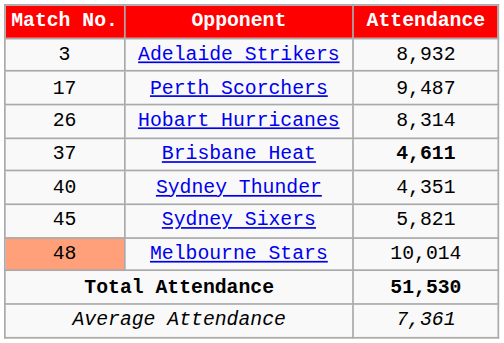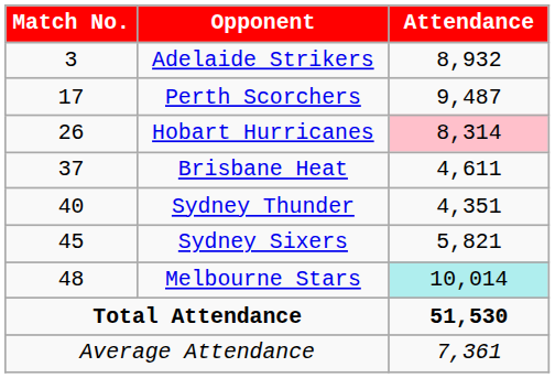 <table class="wikitable" style="text-align:center; font-size:90%">
 <tr>
 <th style="width:65px; background:red; color:white; text-align:center;">Match No.</th>
 <th style="width:130px; background:red; color:white; text-align:center;" class="unsortable">Opponent</th>
 <th style="width:80px; background:red; color:white; text-align:center;">Attendance</th>
 </tr>
 <tr>
 <td>3</td>
 <td><a href='#'>Adelaide Strikers</a></td>
 <td>8,932</td>
 </tr>
 <tr>
 <td>17</td>
 <td><a href='#'>Perth Scorchers</a></td>
 <td>9,487</td>
 </tr>
 <tr>
 <td>26</td>
 <td><a href='#'>Hobart Hurricanes</a></td>
-<td>8,314</td>
+<td style="background: pink;">8,314</td>
 </tr>
 <tr>
 <td>37</td>
 <td><a href='#'>Brisbane Heat</a></td>
-<td><strong>4,611</strong></td>
+<td>4,611</td>
 </tr>
 <tr>
 <td>40</td>
 <td><a href='#'>Sydney Thunder</a></td>
 <td>4,351</td>
 </tr>
 <tr>
 <td>45</td>
 <td><a href='#'>Sydney Sixers</a></td>
 <td>5,821</td>
 </tr>
 <tr>
-<td style="background: lightsalmon;">48</td>
+<td>48</td>
 <td><a href='#'>Melbourne Stars</a></td>
-<td>10,014</td>
+<td style="background: paleturquoise;">10,014</td>
 </tr>
 <tr class="sortbottom">
 <td colspan="2"><strong>Total Attendance</strong></td>
 <td><strong>51,530</strong></td>
 </tr>
 <tr class="sortbottom">
 <td colspan="2"><em>Average Attendance</em></td>
 <td><em>7,361</em></td>
 </tr>
 </table>
